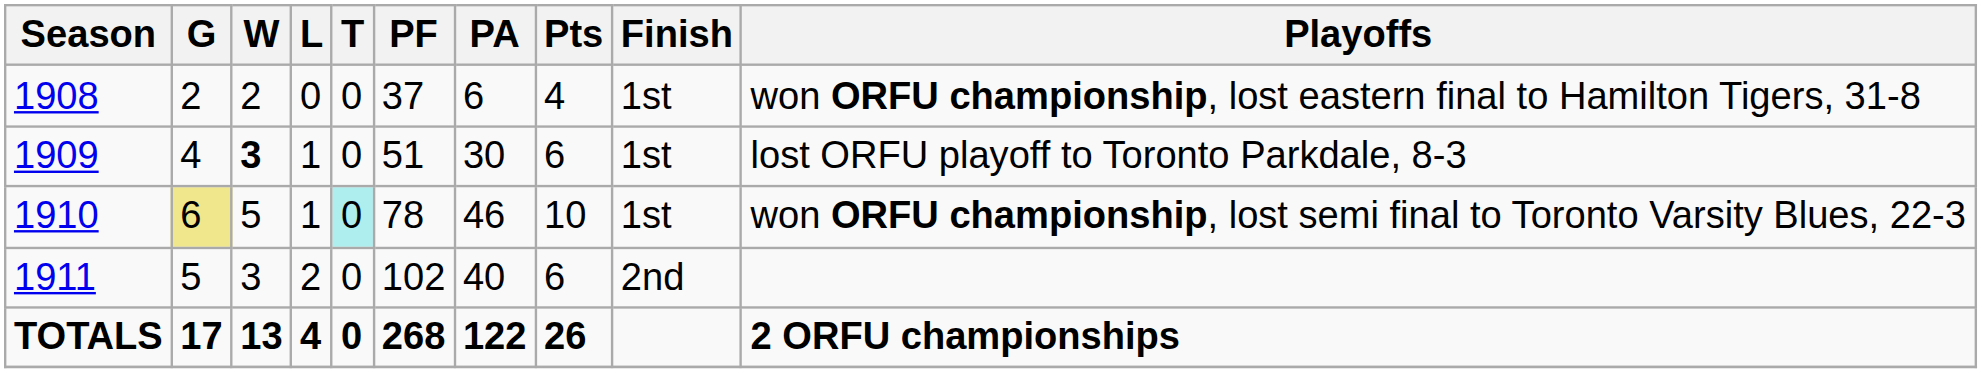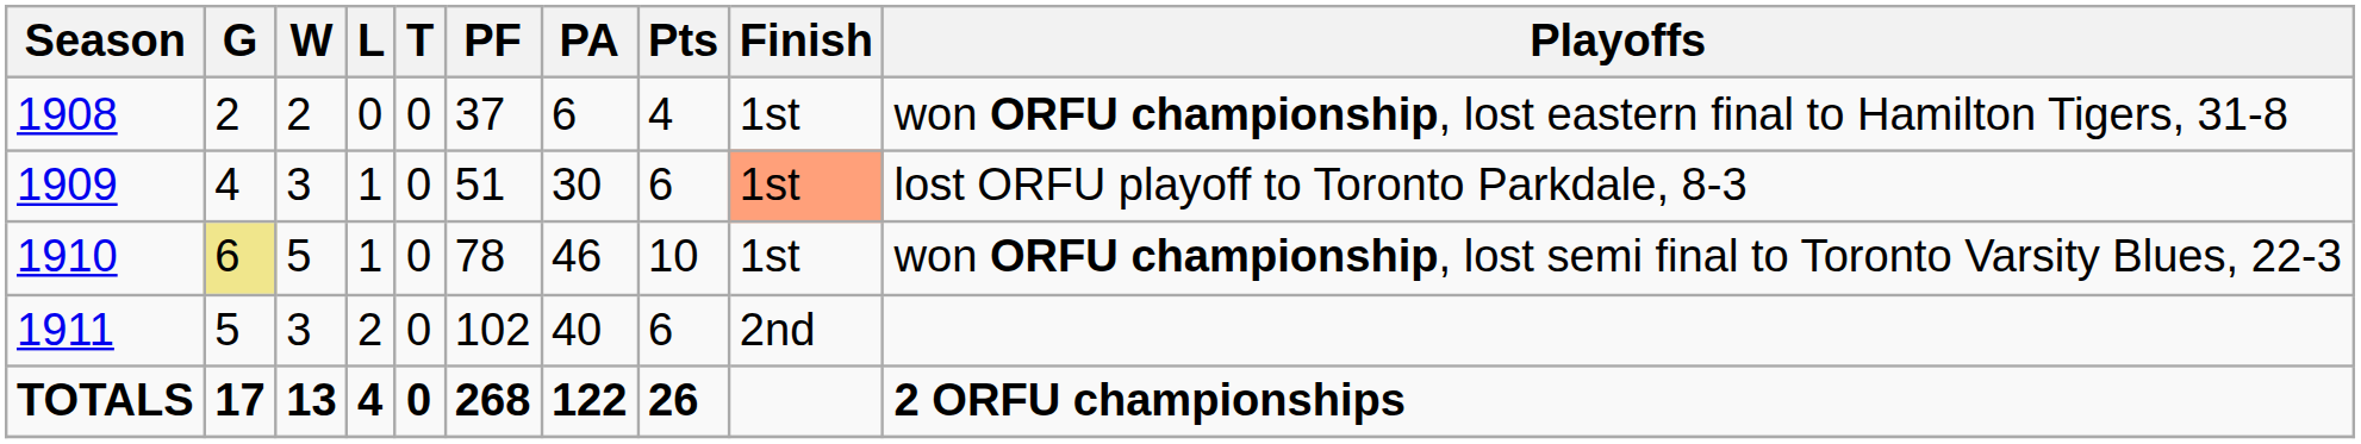 <table class="wikitable">
 <tr>
 <th>Season</th>
 <th>G</th>
 <th>W</th>
 <th>L</th>
 <th>T</th>
 <th>PF</th>
 <th>PA</th>
 <th>Pts</th>
 <th>Finish</th>
 <th>Playoffs</th>
 </tr>
 <tr>
 <td><a href='#'>1908</a></td>
 <td>2</td>
 <td>2</td>
 <td>0</td>
 <td>0</td>
 <td>37</td>
 <td>6</td>
 <td>4</td>
 <td>1st</td>
 <td>won <strong>ORFU championship</strong>, lost eastern final to Hamilton Tigers, 31-8</td>
 </tr>
 <tr>
 <td><a href='#'>1909</a></td>
 <td>4</td>
-<td><strong>3</strong></td>
+<td>3</td>
 <td>1</td>
 <td>0</td>
 <td>51</td>
 <td>30</td>
 <td>6</td>
-<td>1st</td>
+<td style="background: lightsalmon;">1st</td>
 <td>lost ORFU playoff to Toronto Parkdale, 8-3</td>
 </tr>
 <tr>
 <td><a href='#'>1910</a></td>
 <td style="background: khaki;">6</td>
 <td>5</td>
 <td>1</td>
-<td style="background: paleturquoise;">0</td>
+<td>0</td>
 <td>78</td>
 <td>46</td>
 <td>10</td>
 <td>1st</td>
 <td>won <strong>ORFU championship</strong>, lost semi final to Toronto Varsity Blues, 22-3</td>
 </tr>
 <tr>
 <td><a href='#'>1911</a></td>
 <td>5</td>
 <td>3</td>
 <td>2</td>
 <td>0</td>
 <td>102</td>
 <td>40</td>
 <td>6</td>
 <td>2nd</td>
 <td></td>
 </tr>
 <tr>
 <td><strong>TOTALS</strong></td>
 <td><strong>17</strong></td>
 <td><strong>13</strong></td>
 <td><strong>4</strong></td>
 <td><strong>0</strong></td>
 <td><strong>268</strong></td>
 <td><strong>122</strong></td>
 <td><strong>26</strong></td>
 <td></td>
 <td><strong>2  ORFU championships</strong></td>
 </tr>
 <tr>
 </tr>
 </table>
